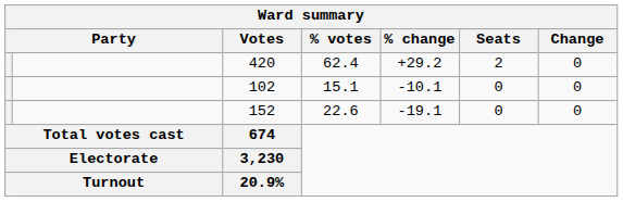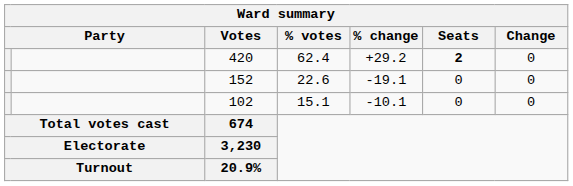 <table class="wikitable" style="font-size: 95%;">
 <tr>
 <th colspan="7">Ward summary</th>
 </tr>
 <tr>
 <th colspan="2">Party</th>
 <th style="width: 60px">Votes</th>
 <th style="width: 60px">% votes</th>
 <th style="width: 60px">% change</th>
 <th style="width: 60px">Seats</th>
 <th style="width: 60px">Change</th>
 </tr>
 <tr>
 <th style="background-color: "></th>
 <td style="width: 170px"><a href='#'></a></td>
 <td align="center">420</td>
 <td align="center">62.4</td>
 <td align="center">+29.2</td>
-<td align="center">2</td>
+<td align="center"><strong>2</strong></td>
+<td align="center">0</td>
+</tr>
+<tr>
+<th style="background-color: "></th>
+<td style="width: 170px"><a href='#'></a></td>
+<td align="center">152</td>
+<td align="center">22.6</td>
+<td align="center">-19.1</td>
+<td align="center">0</td>
 <td align="center">0</td>
 </tr>
 <tr>
 <th style="background-color: "></th>
 <td style="width: 170px"><a href='#'></a></td>
 <td align="center">102</td>
 <td align="center">15.1</td>
 <td align="center">-10.1</td>
-<td align="center">0</td>
-<td align="center">0</td>
-</tr>
-<tr>
-<th style="background-color: "></th>
-<td style="width: 170px"><a href='#'></a></td>
-<td align="center">152</td>
-<td align="center">22.6</td>
-<td align="center">-19.1</td>
 <td align="center">0</td>
 <td align="center">0</td>
 </tr>
 <tr style="background-color:#E9E9E9">
 <th colspan="2">Total votes cast</th>
 <th style="width: 60px">674</th>
 </tr>
 <tr style="background-color:#E9E9E9">
 <th colspan="2">Electorate</th>
 <th style="width: 60px">3,230</th>
 </tr>
 <tr style="background-color:#E9E9E9">
 <th colspan="2">Turnout</th>
 <th style="width: 60px">20.9%</th>
 </tr>
 </table>
